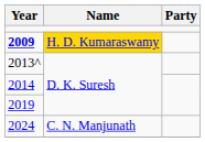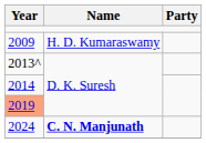 <table class="wikitable">
 <tr>
 <th>Year</th>
 <th>Name</th>
 <th Colspan=2>Party</th>
 </tr>
 <tr>
 <td colspan=4></td>
 </tr>
 <tr>
-<td><strong><a href='#'>2009</a></strong></td>
-<td style="background: gold;"><a href='#'>H. D. Kumaraswamy</a></td>
+<td><a href='#'>2009</a></td>
+<td><a href='#'>H. D. Kumaraswamy</a></td>
 <td></td>
 </tr>
 <tr>
 <td>2013^</td>
 <td rowspan="3"><a href='#'>D. K. Suresh</a></td>
 <td></td>
 </tr>
 <tr>
 <td><a href='#'>2014</a></td>
 </tr>
 <tr>
-<td><a href='#'>2019</a></td>
+<td style="background: lightsalmon;"><a href='#'>2019</a></td>
 </tr>
 <tr>
 <td><a href='#'>2024</a></td>
-<td><a href='#'>C. N. Manjunath</a></td>
+<td><strong><a href='#'>C. N. Manjunath</a></strong></td>
 <td></td>
 </tr>
 <tr>
 </tr>
 </table>
